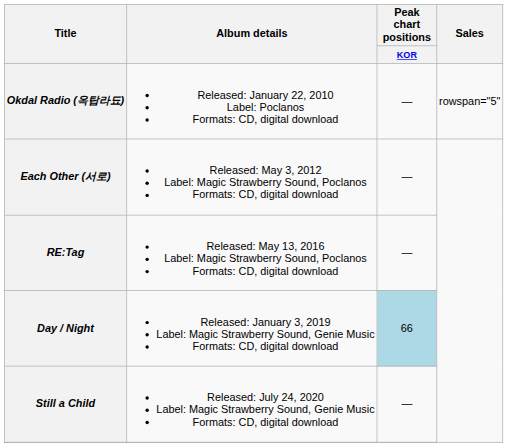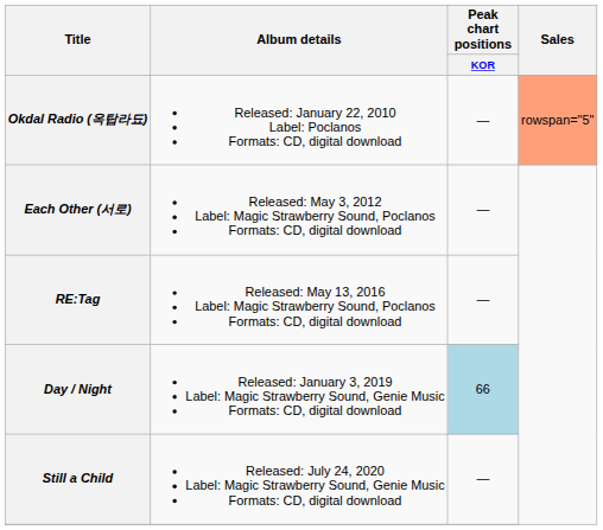 <table class="wikitable plainrowheaders" style="text-align:center;">
 <tr>
 <th scope="col" rowspan="2">Title</th>
 <th scope="col" rowspan="2">Album details</th>
 <th scope="col" colspan="1" style="width:5em;">Peak chart positions</th>
 <th scope="col" rowspan="2">Sales</th>
 </tr>
 <tr>
 <th><small><a href='#'>KOR</a></small><br></th>
 </tr>
 <tr>
 <th scope="row"><em>Okdal Radio (옥탑라됴)</em></th>
 <td><br><ul><li>Released: January 22, 2010</li><li>Label: Poclanos</li><li>Formats: CD, digital download</li></ul></td>
 <td>—</td>
-<td>rowspan="5" </td>
+<td style="background: lightsalmon;">rowspan="5" </td>
 </tr>
 <tr>
 <th scope="row"><em>Each Other (서로)</em></th>
 <td><br><ul><li>Released: May 3, 2012</li><li>Label: Magic Strawberry Sound, Poclanos</li><li>Formats: CD, digital download</li></ul></td>
 <td>—</td>
 </tr>
 <tr>
 <th scope="row"><em>RE:Tag</em></th>
 <td><br><ul><li>Released: May 13, 2016</li><li>Label: Magic Strawberry Sound, Poclanos</li><li>Formats: CD, digital download</li></ul></td>
 <td>—</td>
 </tr>
 <tr>
 <th scope="row"><em>Day / Night</em></th>
 <td><br><ul><li>Released: January 3, 2019</li><li>Label: Magic Strawberry Sound, Genie Music</li><li>Formats: CD, digital download</li></ul></td>
 <td style="background: lightblue;">66</td>
 </tr>
 <tr>
 <th scope="row"><em>Still a Child</em></th>
 <td><br><ul><li>Released: July 24, 2020</li><li>Label: Magic Strawberry Sound, Genie Music</li><li>Formats: CD, digital download</li></ul></td>
 <td>—</td>
 </tr>
 <tr>
 </tr>
 </table>
